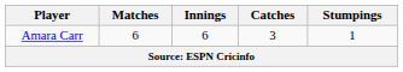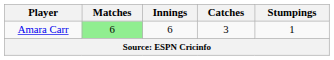 <table class="wikitable" style="text-align:center; width:55%;">
 <tr>
 <th>Player</th>
 <th>Matches</th>
 <th>Innings</th>
 <th>Catches</th>
 <th>Stumpings</th>
 </tr>
 <tr>
 <td><a href='#'>Amara Carr</a></td>
-<td>6</td>
+<td style="background: lightgreen;">6</td>
 <td>6</td>
 <td>3</td>
 <td>1</td>
 </tr>
 <tr>
 <th colspan="5"><small>Source: ESPN Cricinfo </small></th>
 </tr>
 </table>
